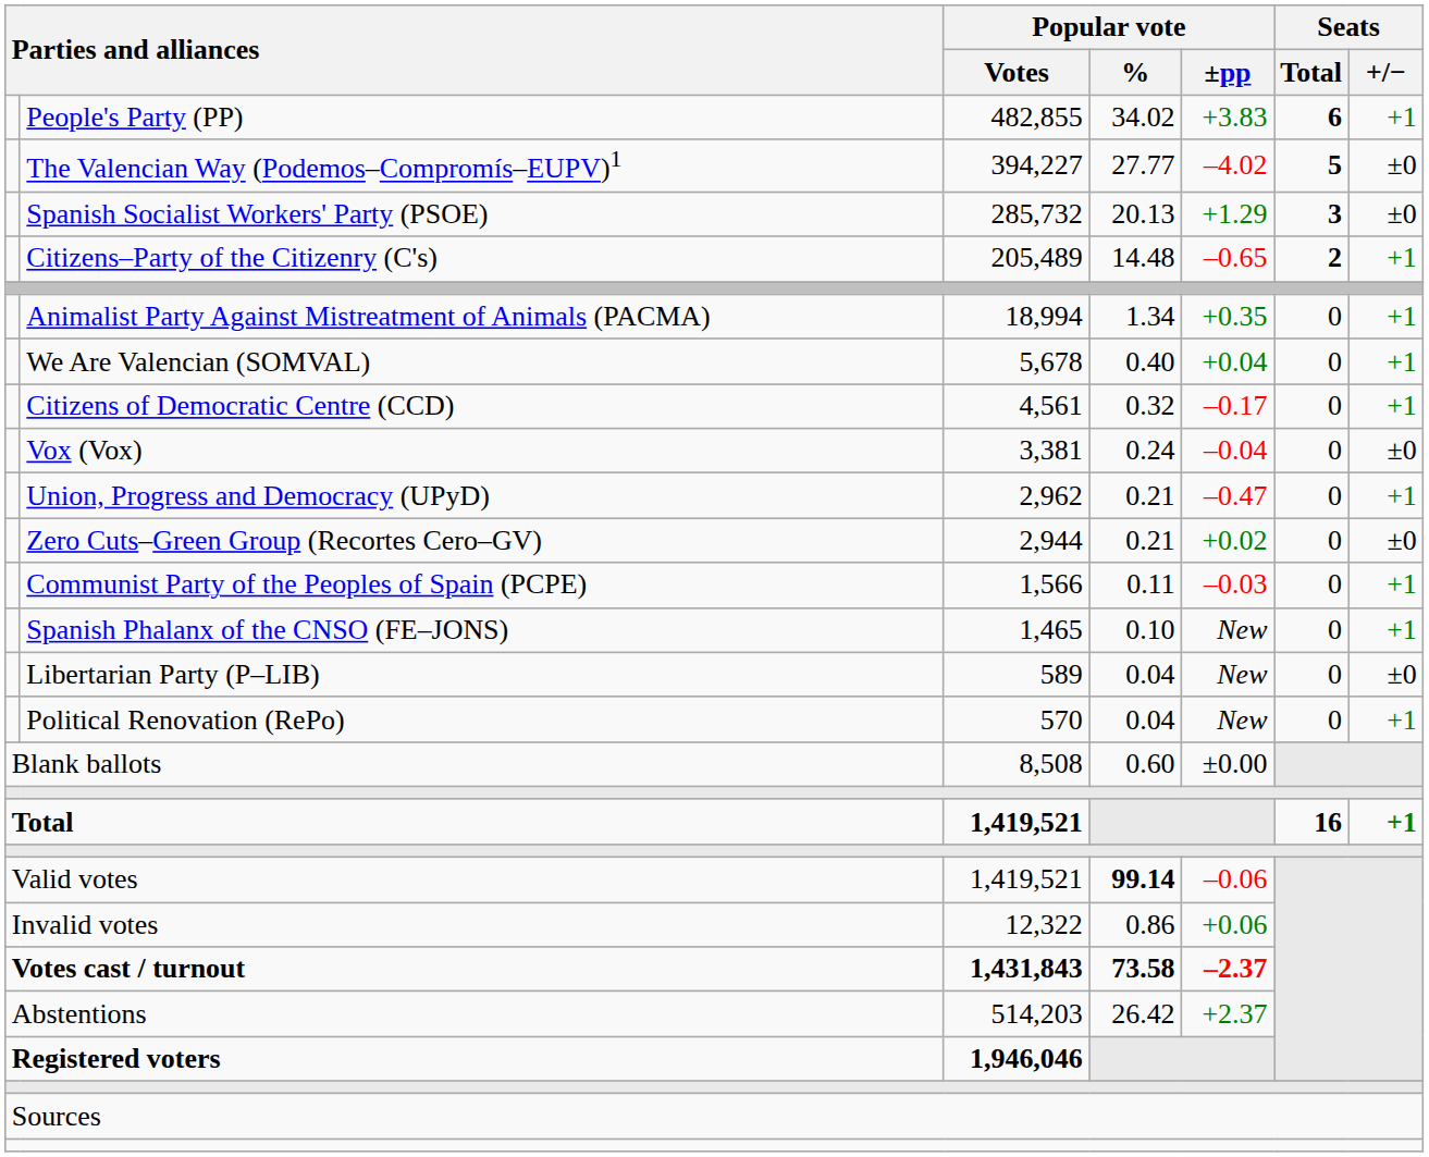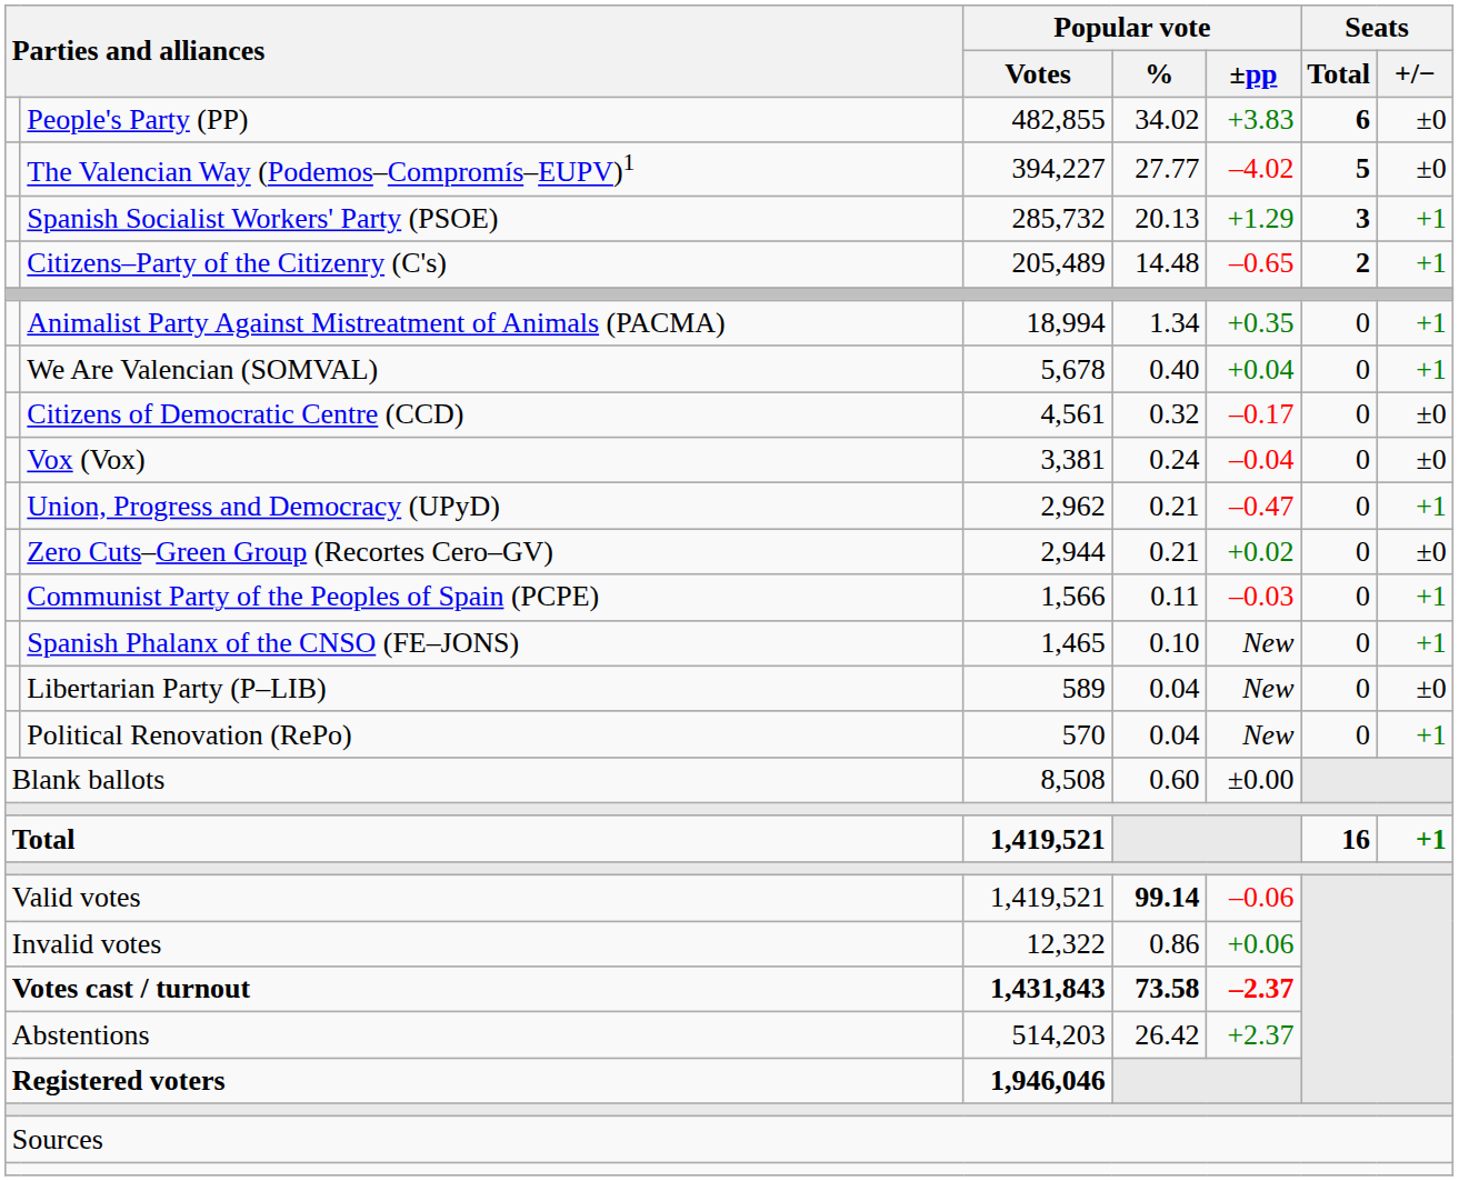 <table class="wikitable" style="text-align:right;">
 <tr>
 <th style="text-align:left;" rowspan="2" colspan="2" width="525">Parties and alliances</th>
 <th colspan="3">Popular vote</th>
 <th colspan="2">Seats</th>
 </tr>
 <tr>
 <th width="75">Votes</th>
 <th width="45">%</th>
 <th width="45">±<a href='#'>pp</a></th>
 <th width="35">Total</th>
 <th width="35">+/−</th>
 </tr>
 <tr>
 <td width="1" style="color:inherit;background:"></td>
 <td align="left"><a href='#'>People's Party</a> (PP)</td>
 <td>482,855</td>
 <td>34.02</td>
 <td style="color:green;">+3.83</td>
 <td><strong>6</strong></td>
-<td style="color:green;">+1</td>
+<td>±0</td>
 </tr>
 <tr>
 <td style="color:inherit;background:"></td>
 <td align="left"><a href='#'>The Valencian Way</a> (<a href='#'>Podemos</a>–<a href='#'>Compromís</a>–<a href='#'>EUPV</a>)<sup>1</sup></td>
 <td>394,227</td>
 <td>27.77</td>
 <td style="color:red;">–4.02</td>
 <td><strong>5</strong></td>
 <td>±0</td>
 </tr>
 <tr>
 <td style="color:inherit;background:"></td>
 <td align="left"><a href='#'>Spanish Socialist Workers' Party</a> (PSOE)</td>
 <td>285,732</td>
 <td>20.13</td>
 <td style="color:green;">+1.29</td>
 <td><strong>3</strong></td>
-<td>±0</td>
+<td style="color:green;">+1</td>
 </tr>
 <tr>
 <td style="color:inherit;background:"></td>
 <td align="left"><a href='#'>Citizens–Party of the Citizenry</a> (C's)</td>
 <td>205,489</td>
 <td>14.48</td>
 <td style="color:red;">–0.65</td>
 <td><strong>2</strong></td>
 <td style="color:green;">+1</td>
 </tr>
 <tr>
 <td colspan="7" bgcolor="#C0C0C0"></td>
 </tr>
 <tr>
 <td style="color:inherit;background:"></td>
 <td align="left"><a href='#'>Animalist Party Against Mistreatment of Animals</a> (PACMA)</td>
 <td>18,994</td>
 <td>1.34</td>
 <td style="color:green;">+0.35</td>
 <td>0</td>
 <td style="color:green;">+1</td>
 </tr>
 <tr>
 <td style="color:inherit;background:"></td>
 <td align="left">We Are Valencian (SOMVAL)</td>
 <td>5,678</td>
 <td>0.40</td>
 <td style="color:green;">+0.04</td>
 <td>0</td>
 <td style="color:green;">+1</td>
 </tr>
 <tr>
 <td style="color:inherit;background:"></td>
 <td align="left"><a href='#'>Citizens of Democratic Centre</a> (CCD)</td>
 <td>4,561</td>
 <td>0.32</td>
 <td style="color:red;">–0.17</td>
 <td>0</td>
-<td style="color:green;">+1</td>
+<td>±0</td>
 </tr>
 <tr>
 <td style="color:inherit;background:"></td>
 <td align="left"><a href='#'>Vox</a> (Vox)</td>
 <td>3,381</td>
 <td>0.24</td>
 <td style="color:red;">–0.04</td>
 <td>0</td>
 <td>±0</td>
 </tr>
 <tr>
 <td style="color:inherit;background:"></td>
 <td align="left"><a href='#'>Union, Progress and Democracy</a> (UPyD)</td>
 <td>2,962</td>
 <td>0.21</td>
 <td style="color:red;">–0.47</td>
 <td>0</td>
 <td style="color:green;">+1</td>
 </tr>
 <tr>
 <td style="color:inherit;background:"></td>
 <td align="left"><a href='#'>Zero Cuts</a>–<a href='#'>Green Group</a> (Recortes Cero–GV)</td>
 <td>2,944</td>
 <td>0.21</td>
 <td style="color:green;">+0.02</td>
 <td>0</td>
 <td>±0</td>
 </tr>
 <tr>
 <td style="color:inherit;background:"></td>
 <td align="left"><a href='#'>Communist Party of the Peoples of Spain</a> (PCPE)</td>
 <td>1,566</td>
 <td>0.11</td>
 <td style="color:red;">–0.03</td>
 <td>0</td>
 <td style="color:green;">+1</td>
 </tr>
 <tr>
 <td style="color:inherit;background:"></td>
 <td align="left"><a href='#'>Spanish Phalanx of the CNSO</a> (FE–JONS)</td>
 <td>1,465</td>
 <td>0.10</td>
 <td><em>New</em></td>
 <td>0</td>
 <td style="color:green;">+1</td>
 </tr>
 <tr>
 <td style="color:inherit;background:"></td>
 <td align="left">Libertarian Party (P–LIB)</td>
 <td>589</td>
 <td>0.04</td>
 <td><em>New</em></td>
 <td>0</td>
 <td>±0</td>
 </tr>
 <tr>
 <td style="color:inherit;background:"></td>
 <td align="left">Political Renovation (RePo)</td>
 <td>570</td>
 <td>0.04</td>
 <td><em>New</em></td>
 <td>0</td>
 <td style="color:green;">+1</td>
 </tr>
 <tr>
 <td align="left" colspan="2">Blank ballots</td>
 <td>8,508</td>
 <td>0.60</td>
 <td>±0.00</td>
 <td bgcolor="#E9E9E9" colspan="2"></td>
 </tr>
 <tr>
 <td colspan="7" bgcolor="#E9E9E9"></td>
 </tr>
 <tr style="font-weight:bold;">
 <td align="left" colspan="2">Total</td>
 <td>1,419,521</td>
 <td bgcolor="#E9E9E9" colspan="2"></td>
 <td>16</td>
 <td style="color:green;">+1</td>
 </tr>
 <tr>
 <td colspan="7" bgcolor="#E9E9E9"></td>
 </tr>
 <tr>
 <td align="left" colspan="2">Valid votes</td>
 <td>1,419,521</td>
 <td><strong>99.14</strong></td>
 <td style="color:red;">–0.06</td>
 <td bgcolor="#E9E9E9" colspan="2" rowspan="5"></td>
 </tr>
 <tr>
 <td align="left" colspan="2">Invalid votes</td>
 <td>12,322</td>
 <td>0.86</td>
 <td style="color:green;">+0.06</td>
 </tr>
 <tr style="font-weight:bold;">
 <td align="left" colspan="2">Votes cast / turnout</td>
 <td>1,431,843</td>
 <td>73.58</td>
 <td style="color:red;">–2.37</td>
 </tr>
 <tr>
 <td align="left" colspan="2">Abstentions</td>
 <td>514,203</td>
 <td>26.42</td>
 <td style="color:green;">+2.37</td>
 </tr>
 <tr style="font-weight:bold;">
 <td align="left" colspan="2">Registered voters</td>
 <td>1,946,046</td>
 <td bgcolor="#E9E9E9" colspan="2"></td>
 </tr>
 <tr>
 <td colspan="7" bgcolor="#E9E9E9"></td>
 </tr>
 <tr>
 <td align="left" colspan="7">Sources</td>
 </tr>
 <tr>
 <td colspan="7" style="text-align:left; max-width:790px;"></td>
 </tr>
 </table>
